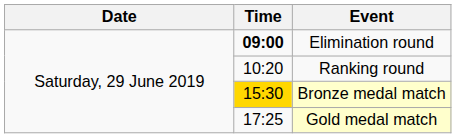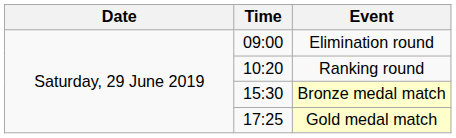 <table class = "wikitable" style="text-align:center;">
 <tr>
 <th width=220>Date</th>
 <th width=50>Time</th>
 <th width=150>Event</th>
 </tr>
 <tr>
 <td rowspan=4>Saturday, 29 June 2019</td>
-<td><strong>09:00</strong></td>
+<td>09:00</td>
 <td>Elimination round</td>
 </tr>
 <tr>
 <td>10:20</td>
 <td>Ranking round</td>
 </tr>
 <tr>
-<td style="background: gold;">15:30</td>
+<td>15:30</td>
 <td bgcolor=ffffcc>Bronze medal match</td>
 </tr>
 <tr>
 <td>17:25</td>
 <td bgcolor=ffffcc>Gold medal match</td>
 </tr>
 </table>
